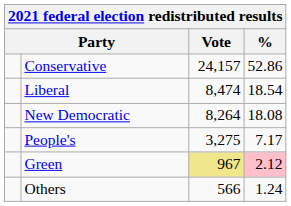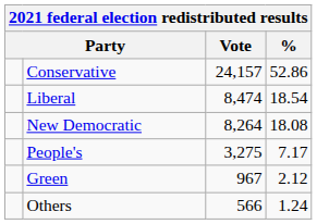 <table class="wikitable">
 <tr>
 <th colspan="4"><a href='#'>2021 federal election</a> redistributed results</th>
 </tr>
 <tr>
 <th bgcolor="#DDDDFF" width="130px" colspan="2">Party</th>
 <th bgcolor="#DDDDFF" width="50px">Vote</th>
 <th bgcolor="#DDDDFF" width="30px">%</th>
 </tr>
 <tr>
 <td> </td>
 <td><a href='#'>Conservative</a></td>
 <td align=right>24,157</td>
 <td align=right>52.86</td>
 </tr>
 <tr>
 <td> </td>
 <td><a href='#'>Liberal</a></td>
 <td align=right>8,474</td>
 <td align=right>18.54</td>
 </tr>
 <tr>
 <td> </td>
 <td><a href='#'>New Democratic</a></td>
 <td align=right>8,264</td>
 <td align=right>18.08</td>
 </tr>
 <tr>
 <td> </td>
 <td><a href='#'>People's</a></td>
 <td align=right>3,275</td>
 <td align=right>7.17</td>
 </tr>
 <tr>
 <td> </td>
 <td><a href='#'>Green</a></td>
-<td align=right style="background: khaki;">967</td>
-<td align=right style="background: pink;">2.12</td>
+<td align=right>967</td>
+<td align=right>2.12</td>
 </tr>
 <tr>
 <td> </td>
 <td>Others</td>
 <td align=right>566</td>
 <td align=right>1.24</td>
 </tr>
 </table>
